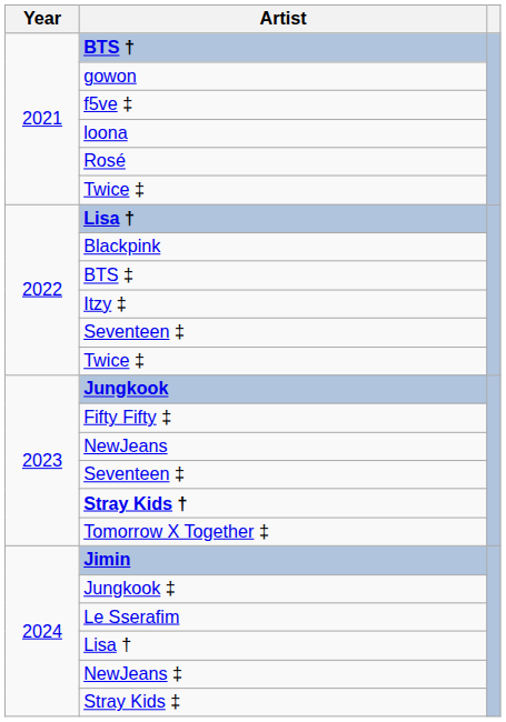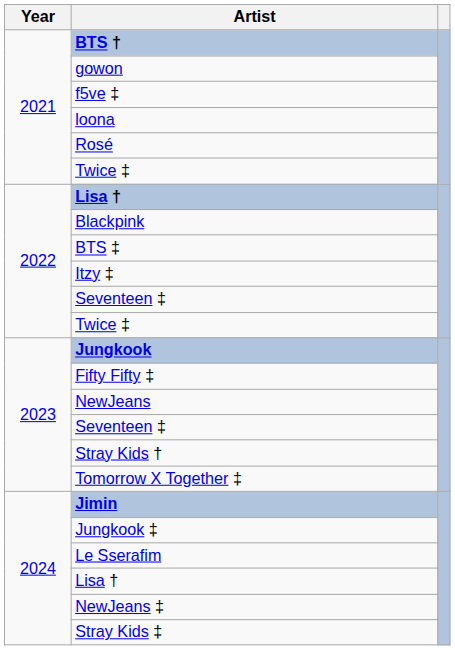 <table class="wikitable" style="width:50%;">
 <tr>
 <th style="width:5%;">Year</th>
 <th style="width:40%;">Artist</th>
 <th style="width:1%;"></th>
 </tr>
 <tr>
 <td rowspan="6" align="center"><a href='#'>2021</a></td>
 <td align="left" style="background:#B0C4DE"><strong><a href='#'>BTS</a> †</strong></td>
 <td rowspan="6" align="center" style="background:#B0C4DE"></td>
 </tr>
 <tr>
 <td><a href='#'>gowon</a></td>
 </tr>
 <tr>
 <td><a href='#'>f5ve</a> ‡</td>
 </tr>
 <tr>
 <td><a href='#'>loona</a></td>
 </tr>
 <tr>
 <td><a href='#'>Rosé</a></td>
 </tr>
 <tr>
 <td><a href='#'>Twice</a> ‡</td>
 </tr>
 <tr>
 <td rowspan="6" align="center"><a href='#'>2022</a></td>
 <td align="left" style="background:#B0C4DE"><strong><a href='#'>Lisa</a> †</strong></td>
 <td rowspan="6" align="center" style="background:#B0C4DE"></td>
 </tr>
 <tr>
 <td><a href='#'>Blackpink</a></td>
 </tr>
 <tr>
 <td><a href='#'>BTS</a> ‡</td>
 </tr>
 <tr>
 <td><a href='#'>Itzy</a> ‡</td>
 </tr>
 <tr>
 <td><a href='#'>Seventeen</a> ‡</td>
 </tr>
 <tr>
 <td><a href='#'>Twice</a> ‡</td>
 </tr>
 <tr>
 <td rowspan="6" align="center"><a href='#'>2023</a></td>
 <td align="left" style="background:#B0C4DE"><strong><a href='#'>Jungkook</a></strong></td>
 <td rowspan="6" align="center" style="background:#B0C4DE"></td>
 </tr>
 <tr>
 <td><a href='#'>Fifty Fifty</a> ‡</td>
 </tr>
 <tr>
 <td><a href='#'>NewJeans</a></td>
 </tr>
 <tr>
 <td><a href='#'>Seventeen</a> ‡</td>
 </tr>
 <tr>
-<td><strong><a href='#'>Stray Kids</a> †</strong></td>
+<td><a href='#'>Stray Kids</a> †</td>
 </tr>
 <tr>
 <td><a href='#'>Tomorrow X Together</a> ‡</td>
 </tr>
 <tr>
 <td rowspan="6" align="center"><a href='#'>2024</a></td>
 <td align="left" style="background:#B0C4DE"><strong><a href='#'>Jimin</a></strong></td>
 <td rowspan="6" align="center" style="background:#B0C4DE"></td>
 </tr>
 <tr>
 <td><a href='#'>Jungkook</a> ‡</td>
 </tr>
 <tr>
 <td><a href='#'>Le Sserafim</a></td>
 </tr>
 <tr>
 <td><a href='#'>Lisa</a> †</td>
 </tr>
 <tr>
 <td><a href='#'>NewJeans</a> ‡</td>
 </tr>
 <tr>
 <td><a href='#'>Stray Kids</a> ‡</td>
 </tr>
 </table>
